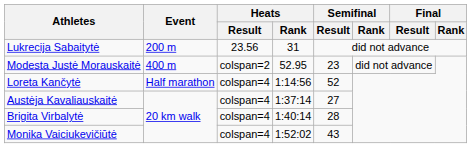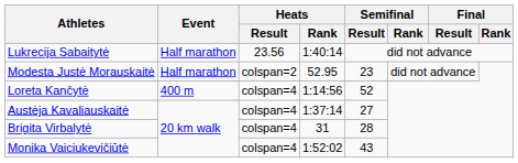 <table class="wikitable" border="1" style="font-size:90%">
 <tr>
 <th rowspan="2">Athletes</th>
 <th rowspan="2">Event</th>
 <th colspan="2">Heats</th>
 <th colspan="2">Semifinal</th>
 <th colspan="2">Final</th>
 </tr>
 <tr>
 <th>Result</th>
 <th>Rank</th>
 <th>Result</th>
 <th>Rank</th>
 <th>Result</th>
 <th>Rank</th>
 </tr>
 <tr align=center>
 <td align=left><a href='#'>Lukrecija Sabaitytė</a></td>
-<td align=left><a href='#'>200 m</a></td>
+<td align=left><a href='#'>Half marathon</a></td>
 <td>23.56</td>
-<td>31</td>
+<td>1:40:14</td>
 <td align=center colspan=4>did not advance</td>
 </tr>
 <tr align=center>
 <td align=left><a href='#'>Modesta Justė Morauskaitė</a></td>
-<td align=left><a href='#'>400 m</a></td>
+<td align=left><a href='#'>Half marathon</a></td>
 <td>colspan=2 </td>
 <td>52.95</td>
 <td>23</td>
 <td align=center colspan=2>did not advance</td>
 </tr>
 <tr align=center>
 <td align=left><a href='#'>Loreta Kančytė</a></td>
-<td align=left><a href='#'>Half marathon</a></td>
+<td align=left><a href='#'>400 m</a></td>
 <td>colspan=4 </td>
 <td>1:14:56</td>
 <td>52</td>
 </tr>
 <tr align=center>
 <td align=left><a href='#'>Austėja Kavaliauskaitė</a></td>
 <td align=left rowspan=3><a href='#'>20 km walk</a></td>
 <td>colspan=4 </td>
 <td>1:37:14</td>
 <td>27</td>
 </tr>
 <tr align=center>
 <td align=left><a href='#'>Brigita Virbalytė</a></td>
 <td>colspan=4 </td>
-<td>1:40:14</td>
+<td>31</td>
 <td>28</td>
 </tr>
 <tr align=center>
 <td align=left><a href='#'>Monika Vaiciukevičiūtė</a></td>
 <td>colspan=4 </td>
 <td>1:52:02</td>
 <td>43</td>
 </tr>
 </table>
